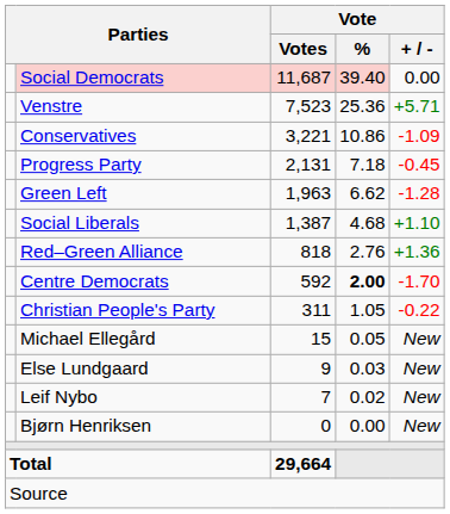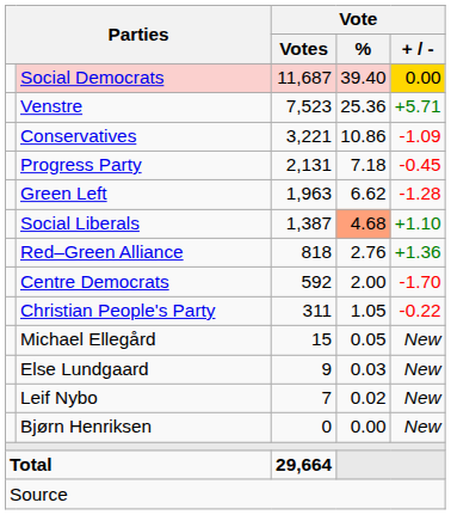 <table class="wikitable" style="text-align:right;">
 <tr>
 <th style="text-align:centre;" rowspan="2" colspan="2" width="225">Parties</th>
 <th colspan="3">Vote</th>
 </tr>
 <tr>
 <th width="15">Votes</th>
 <th width="15">%</th>
 <th width="15">+ / -</th>
 </tr>
 <tr>
 <td width="2" style="color:inherit;background:"></td>
 <td bgcolor=#fbd0ce  align="left"><a href='#'>Social Democrats</a></td>
 <td bgcolor=#fbd0ce>11,687</td>
 <td bgcolor=#fbd0ce>39.40</td>
-<td>0.00</td>
+<td style="background: gold;">0.00</td>
 </tr>
 <tr>
 <td width="2" style="color:inherit;background:"></td>
 <td align="left"><a href='#'>Venstre</a></td>
 <td>7,523</td>
 <td>25.36</td>
 <td style=color:green;>+5.71</td>
 </tr>
 <tr>
 <td width="2" style="color:inherit;background:"></td>
 <td align="left"><a href='#'>Conservatives</a></td>
 <td>3,221</td>
 <td>10.86</td>
 <td style=color:red;>-1.09</td>
 </tr>
 <tr>
 <td width="2" style="color:inherit;background:"></td>
 <td align="left"><a href='#'>Progress Party</a></td>
 <td>2,131</td>
 <td>7.18</td>
 <td style=color:red;>-0.45</td>
 </tr>
 <tr>
 <td width="2" style="color:inherit;background:"></td>
 <td align="left"><a href='#'>Green Left</a></td>
 <td>1,963</td>
 <td>6.62</td>
 <td style=color:red;>-1.28</td>
 </tr>
 <tr>
 <td width="2" style="color:inherit;background:"></td>
 <td align="left"><a href='#'>Social Liberals</a></td>
 <td>1,387</td>
-<td>4.68</td>
+<td style="background: lightsalmon;">4.68</td>
 <td style=color:green;>+1.10</td>
 </tr>
 <tr>
 <td width="2" style="color:inherit;background:"></td>
 <td align="left"><a href='#'>Red–Green Alliance</a></td>
 <td>818</td>
 <td>2.76</td>
 <td style=color:green;>+1.36</td>
 </tr>
 <tr>
 <td width="2" style="color:inherit;background:"></td>
 <td align="left"><a href='#'>Centre Democrats</a></td>
 <td>592</td>
-<td><strong>2.00</strong></td>
+<td>2.00</td>
 <td style=color:red;>-1.70</td>
 </tr>
 <tr>
 <td width="2" style="color:inherit;background:"></td>
 <td align="left"><a href='#'>Christian People's Party</a></td>
 <td>311</td>
 <td>1.05</td>
 <td style=color:red;>-0.22</td>
 </tr>
 <tr>
 <td width="2" style="color:inherit;background:"></td>
 <td align="left">Michael Ellegård</td>
 <td>15</td>
 <td>0.05</td>
 <td><em>New</em></td>
 </tr>
 <tr>
 <td width="2" style="color:inherit;background:"></td>
 <td align="left">Else Lundgaard</td>
 <td>9</td>
 <td>0.03</td>
 <td><em>New</em></td>
 </tr>
 <tr>
 <td width="2" style="color:inherit;background:"></td>
 <td align="left">Leif Nybo</td>
 <td>7</td>
 <td>0.02</td>
 <td><em>New</em></td>
 </tr>
 <tr>
 <td width="2" style="color:inherit;background:"></td>
 <td align="left">Bjørn Henriksen</td>
 <td>0</td>
 <td>0.00</td>
 <td><em>New</em></td>
 </tr>
 <tr>
 <td colspan="7" bgcolor="#E9E9E9"></td>
 </tr>
 <tr>
 <td align="left" colspan="2"><strong>Total</strong></td>
 <td><strong>29,664</strong></td>
 <td bgcolor="#E9E9E9" colspan="2"></td>
 </tr>
 <tr>
 <td align="left" colspan="6">Source</td>
 </tr>
 </table>
